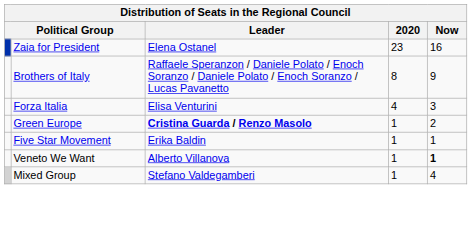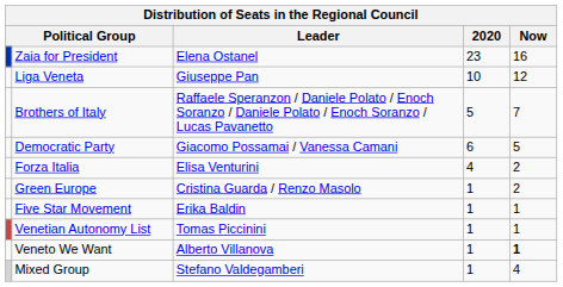 <table class="wikitable">
 <tr>
 <th colspan=5>Distribution of Seats in the Regional Council</th>
 </tr>
 <tr>
 <th width=200px align="left" colspan=2>Political Group</th>
 <th width=350px align="left">Leader</th>
 <th width=50px align="center">2020</th>
 <th width=50px align="center">Now</th>
 </tr>
 <tr>
 <td bgcolor="#0030AB"></td>
 <td><a href='#'>Zaia for President</a></td>
 <td><a href='#'>Elena Ostanel</a></td>
 <td>23</td>
 <td>16</td>
 </tr>
 <tr>
 <td></td>
+<td><a href='#'>Liga Veneta</a></td>
+<td><a href='#'>Giuseppe Pan</a></td>
+<td>10</td>
+<td>12</td>
+</tr>
+<tr>
+<td></td>
 <td><a href='#'>Brothers of Italy</a></td>
 <td><a href='#'>Raffaele Speranzon</a> / <a href='#'>Daniele Polato</a> / <a href='#'>Enoch Soranzo</a> / <a href='#'>Daniele Polato</a> / <a href='#'>Enoch Soranzo</a> / <a href='#'>Lucas Pavanetto</a></td>
-<td>8</td>
-<td>9</td>
+<td>5</td>
+<td>7</td>
+</tr>
+<tr>
+<td></td>
+<td><a href='#'>Democratic Party</a></td>
+<td><a href='#'>Giacomo Possamai</a> / <a href='#'>Vanessa Camani</a></td>
+<td>6</td>
+<td>5</td>
 </tr>
 <tr>
 <td></td>
 <td><a href='#'>Forza Italia</a></td>
 <td><a href='#'>Elisa Venturini</a></td>
 <td>4</td>
-<td>3</td>
+<td>2</td>
 </tr>
 <tr>
 <td></td>
 <td><a href='#'>Green Europe</a></td>
-<td><strong><a href='#'>Cristina Guarda</a> / <a href='#'>Renzo Masolo</a></strong></td>
+<td><a href='#'>Cristina Guarda</a> / <a href='#'>Renzo Masolo</a></td>
 <td>1</td>
 <td>2</td>
 </tr>
 <tr>
 <td></td>
 <td><a href='#'>Five Star Movement</a></td>
 <td><a href='#'>Erika Baldin</a></td>
+<td>1</td>
+<td>1</td>
+</tr>
+<tr>
+<td bgcolor="#C34848"></td>
+<td><a href='#'>Venetian Autonomy List</a></td>
+<td><a href='#'>Tomas Piccinini</a></td>
 <td>1</td>
 <td>1</td>
 </tr>
 <tr>
 <td></td>
 <td>Veneto We Want</td>
 <td><a href='#'>Alberto Villanova</a></td>
 <td>1</td>
 <td><strong>1</strong></td>
 </tr>
 <tr>
 <td bgcolor="lightgrey"></td>
 <td>Mixed Group</td>
 <td><a href='#'>Stefano Valdegamberi</a></td>
 <td>1</td>
 <td>4</td>
 </tr>
 </table>
